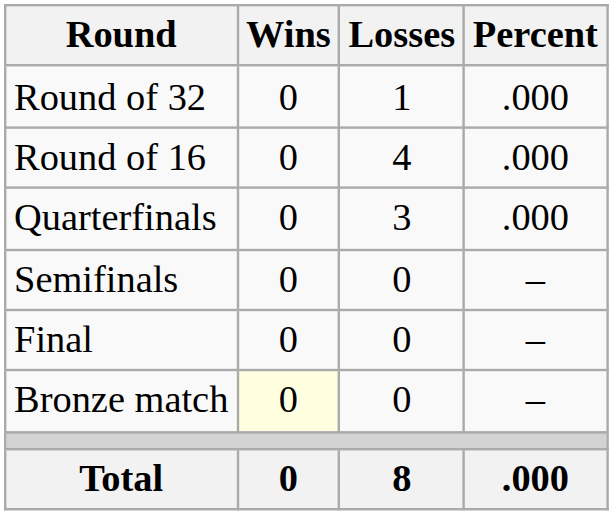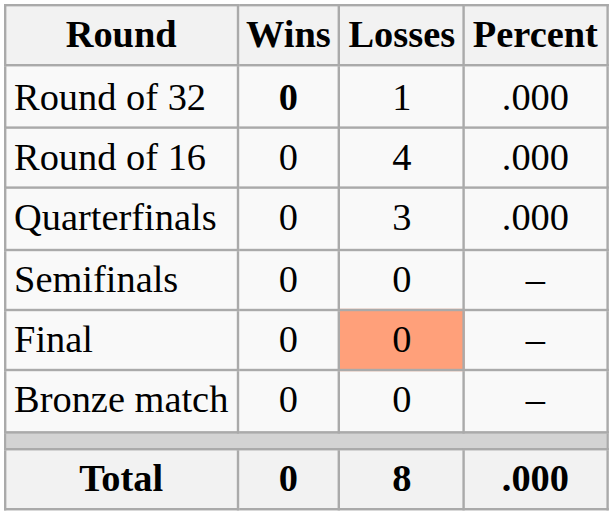 <table class=wikitable>
 <tr>
 <th>Round</th>
 <th>Wins</th>
 <th>Losses</th>
 <th>Percent</th>
 </tr>
 <tr align=center>
 <td align=left>Round of 32</td>
-<td>0</td>
+<td><strong>0</strong></td>
 <td>1</td>
 <td>.000</td>
 </tr>
 <tr align=center>
 <td align=left>Round of 16</td>
 <td>0</td>
 <td>4</td>
 <td>.000</td>
 </tr>
 <tr align=center>
 <td align=left>Quarterfinals</td>
 <td>0</td>
 <td>3</td>
 <td>.000</td>
 </tr>
 <tr align=center>
 <td align=left>Semifinals</td>
 <td>0</td>
 <td>0</td>
 <td>–</td>
 </tr>
 <tr align=center>
 <td align=left>Final</td>
 <td>0</td>
-<td>0</td>
+<td style="background: lightsalmon;">0</td>
 <td>–</td>
 </tr>
 <tr align=center>
 <td align=left>Bronze match</td>
-<td style="background: lightyellow;">0</td>
+<td>0</td>
 <td>0</td>
 <td>–</td>
 </tr>
 <tr>
 <td colspan=4 bgcolor=lightgray></td>
 </tr>
 <tr>
 <th>Total</th>
 <th>0</th>
 <th>8</th>
 <th>.000</th>
 </tr>
 </table>
